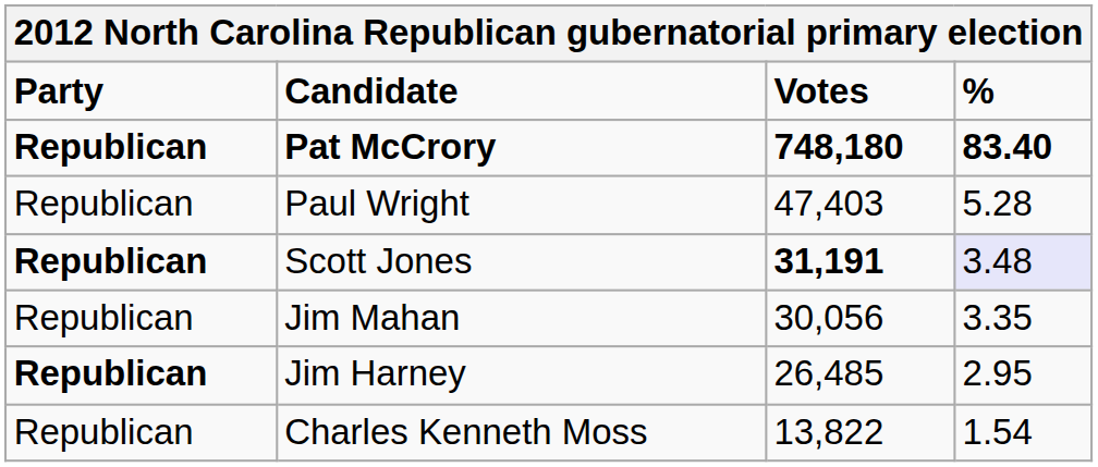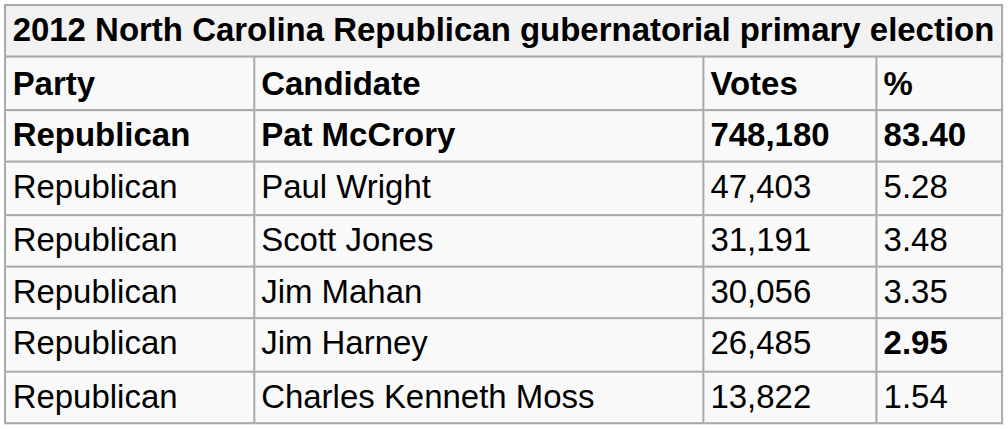 <table class="wikitable">
 <tr>
 <th colspan="4">2012 North Carolina Republican gubernatorial primary election</th>
 </tr>
 <tr>
 <td><strong>Party</strong></td>
 <td><strong>Candidate</strong></td>
 <td><strong>Votes</strong></td>
 <td><strong>%</strong></td>
 </tr>
 <tr>
 <td><strong>Republican</strong></td>
 <td><strong>Pat McCrory</strong></td>
 <td><strong>748,180</strong></td>
 <td><strong>83.40</strong></td>
 </tr>
 <tr>
 <td>Republican</td>
 <td>Paul Wright</td>
 <td>47,403</td>
 <td>5.28</td>
 </tr>
 <tr>
-<td><strong>Republican</strong></td>
+<td>Republican</td>
 <td>Scott Jones</td>
-<td><strong>31,191</strong></td>
-<td style="background: lavender;">3.48</td>
+<td>31,191</td>
+<td>3.48</td>
 </tr>
 <tr>
 <td>Republican</td>
 <td>Jim Mahan</td>
 <td>30,056</td>
 <td>3.35</td>
 </tr>
 <tr>
-<td><strong>Republican</strong></td>
+<td>Republican</td>
 <td>Jim Harney</td>
 <td>26,485</td>
-<td>2.95</td>
+<td><strong>2.95</strong></td>
 </tr>
 <tr>
 <td>Republican</td>
 <td>Charles Kenneth Moss</td>
 <td>13,822</td>
 <td>1.54</td>
 </tr>
 </table>
